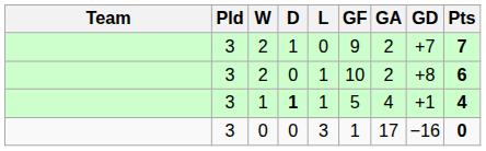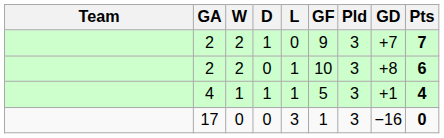 <table class="wikitable" style="text-align:center;">
 <tr>
 <th width=180>Team</th>
-<th width=20>Pld</th>
+<th width=20>GA</th>
 <th width=20>W</th>
 <th width=20>D</th>
 <th width=20>L</th>
 <th width=20>GF</th>
-<th width=20>GA</th>
+<th width=20>Pld</th>
 <th width=20>GD</th>
 <th width=20>Pts</th>
 </tr>
 <tr bgcolor=ccffcc>
 <td align="left"><em></em></td>
-<td>3</td>
+<td>2</td>
 <td>2</td>
 <td>1</td>
 <td>0</td>
 <td>9</td>
-<td>2</td>
+<td>3</td>
 <td>+7</td>
 <td><strong>7</strong></td>
 </tr>
 <tr bgcolor=ccffcc>
 <td align="left"></td>
-<td>3</td>
+<td>2</td>
 <td>2</td>
 <td>0</td>
 <td>1</td>
 <td>10</td>
-<td>2</td>
+<td>3</td>
 <td>+8</td>
 <td><strong>6</strong></td>
 </tr>
 <tr bgcolor=ccffcc>
 <td align="left"></td>
-<td>3</td>
+<td>4</td>
 <td>1</td>
-<td><strong>1</strong></td>
+<td>1</td>
 <td>1</td>
 <td>5</td>
-<td>4</td>
+<td>3</td>
 <td>+1</td>
 <td><strong>4</strong></td>
 </tr>
 <tr>
 <td align="left"></td>
-<td>3</td>
+<td>17</td>
 <td>0</td>
 <td>0</td>
 <td>3</td>
 <td>1</td>
-<td>17</td>
+<td>3</td>
 <td>−16</td>
 <td><strong>0</strong></td>
 </tr>
 </table>
